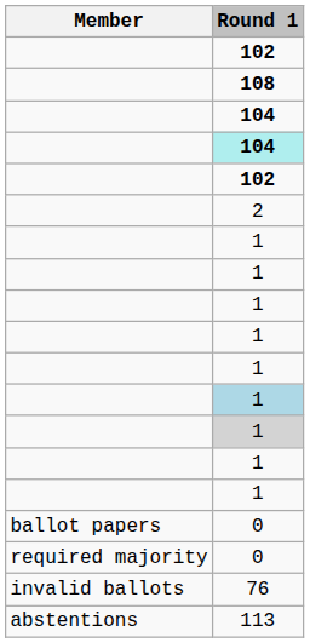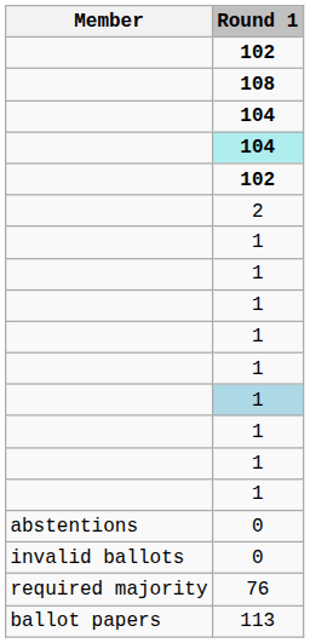 <table class="wikitable collapsible">
 <tr>
 <th>Member</th>
 <td style="background:silver;"><strong>Round 1</strong></td>
 </tr>
 <tr>
 <td></td>
 <td style="text-align:center;"><strong>102</strong></td>
 </tr>
 <tr>
 <td></td>
 <td style="text-align:center;"><strong>108</strong></td>
 </tr>
 <tr>
 <td></td>
 <td style="text-align:center;"><strong>104</strong></td>
 </tr>
 <tr>
 <td></td>
 <td style="background: paleturquoise; text-align:center;"><strong>104</strong></td>
 </tr>
 <tr>
 <td></td>
 <td style="text-align:center;"><strong>102</strong></td>
 </tr>
 <tr>
 <td></td>
 <td style="text-align:center;">2</td>
 </tr>
 <tr>
 <td></td>
 <td style="text-align:center;">1</td>
 </tr>
 <tr>
 <td></td>
 <td style="text-align:center;">1</td>
 </tr>
 <tr>
 <td></td>
 <td style="text-align:center;">1</td>
 </tr>
 <tr>
 <td></td>
 <td style="text-align:center;">1</td>
 </tr>
 <tr>
 <td></td>
 <td style="text-align:center;">1</td>
 </tr>
 <tr>
 <td></td>
 <td style="background: lightblue; text-align:center;">1</td>
 </tr>
 <tr>
 <td></td>
-<td style="background: lightgrey; text-align:center;">1</td>
+<td style="text-align:center;">1</td>
 </tr>
 <tr>
 <td></td>
 <td style="text-align:center;">1</td>
 </tr>
 <tr>
 <td></td>
 <td style="text-align:center;">1</td>
 </tr>
 <tr>
-<td>ballot papers</td>
+<td>abstentions</td>
+<td style="text-align:center;">0</td>
+</tr>
+<tr>
+<td>invalid ballots</td>
 <td style="text-align:center;">0</td>
 </tr>
 <tr>
 <td>required majority</td>
-<td style="text-align:center;">0</td>
-</tr>
-<tr>
-<td>invalid ballots</td>
 <td style="text-align:center;">76</td>
 </tr>
 <tr>
-<td>abstentions</td>
+<td>ballot papers</td>
 <td style="text-align:center;">113</td>
 </tr>
 </table>
